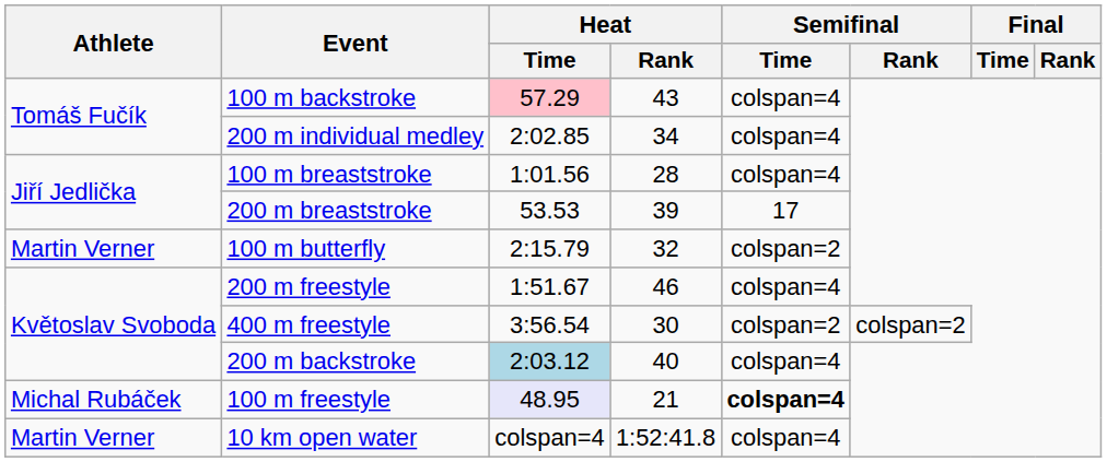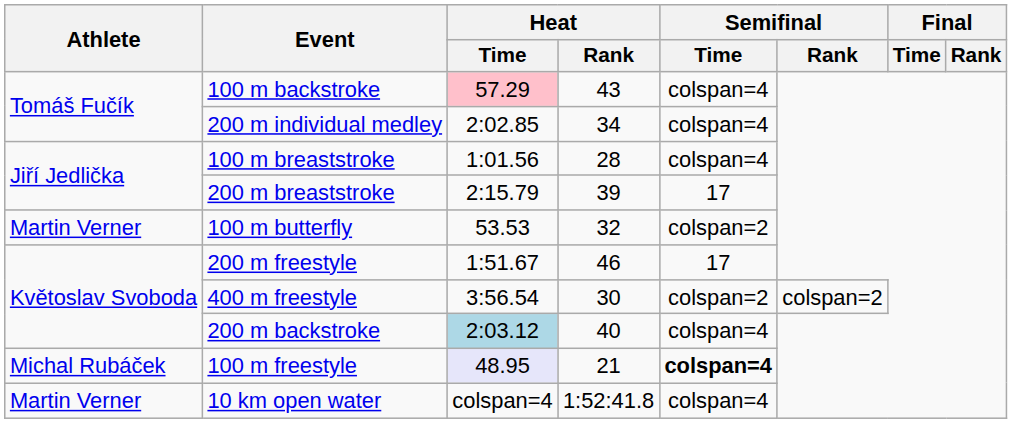 <table class=wikitable style="font-size:90%">
 <tr>
 <th rowspan="2">Athlete</th>
 <th rowspan="2">Event</th>
 <th colspan="2">Heat</th>
 <th colspan="2">Semifinal</th>
 <th colspan="2">Final</th>
 </tr>
 <tr style="font-size:95%">
 <th>Time</th>
 <th>Rank</th>
 <th>Time</th>
 <th>Rank</th>
 <th>Time</th>
 <th>Rank</th>
 </tr>
 <tr align=center>
 <td align=left rowspan=2><a href='#'>Tomáš Fučík</a></td>
 <td align=left><a href='#'>100 m backstroke</a></td>
 <td style="background: pink;">57.29</td>
 <td>43</td>
 <td>colspan=4 </td>
 </tr>
 <tr align=center>
 <td align=left><a href='#'>200 m individual medley</a></td>
 <td>2:02.85</td>
 <td>34</td>
 <td>colspan=4 </td>
 </tr>
 <tr align=center>
 <td align=left rowspan=2><a href='#'>Jiří Jedlička</a></td>
 <td align=left><a href='#'>100 m breaststroke</a></td>
 <td>1:01.56</td>
 <td>28</td>
 <td>colspan=4 </td>
 </tr>
 <tr align=center>
 <td align=left><a href='#'>200 m breaststroke</a></td>
-<td>53.53</td>
+<td>2:15.79</td>
 <td>39</td>
 <td>17</td>
 </tr>
 <tr align=center>
 <td align=left><a href='#'>Martin Verner</a></td>
 <td align=left><a href='#'>100 m butterfly</a></td>
-<td>2:15.79</td>
+<td>53.53</td>
 <td>32</td>
 <td>colspan=2 </td>
 </tr>
 <tr align=center>
 <td align=left rowspan=3><a href='#'>Květoslav Svoboda</a></td>
 <td align=left><a href='#'>200 m freestyle</a></td>
 <td>1:51.67</td>
 <td>46</td>
-<td>colspan=4 </td>
+<td>17</td>
 </tr>
 <tr align=center>
 <td align=left><a href='#'>400 m freestyle</a></td>
 <td>3:56.54</td>
 <td>30</td>
 <td>colspan=2 </td>
 <td>colspan=2 </td>
 </tr>
 <tr align=center>
 <td align=left><a href='#'>200 m backstroke</a></td>
 <td style="background: lightblue;">2:03.12</td>
 <td>40</td>
 <td>colspan=4 </td>
 </tr>
 <tr align=center>
 <td align=left><a href='#'>Michal Rubáček</a></td>
 <td align=left><a href='#'>100 m freestyle</a></td>
 <td style="background: lavender;">48.95</td>
 <td>21</td>
 <td><strong>colspan=4 </strong></td>
 </tr>
 <tr align=center>
 <td align=left><a href='#'>Martin Verner</a></td>
 <td align=left><a href='#'>10 km open water</a></td>
 <td>colspan=4 </td>
 <td>1:52:41.8</td>
 <td>colspan=4 </td>
 </tr>
 </table>
